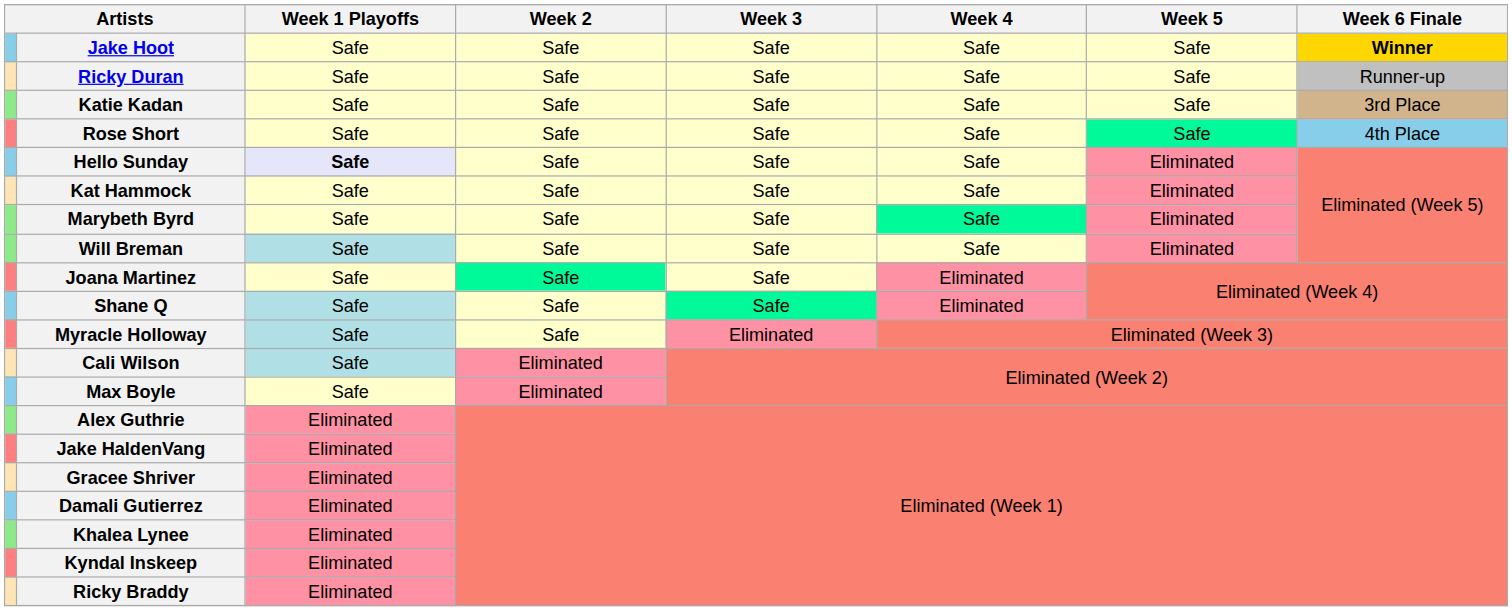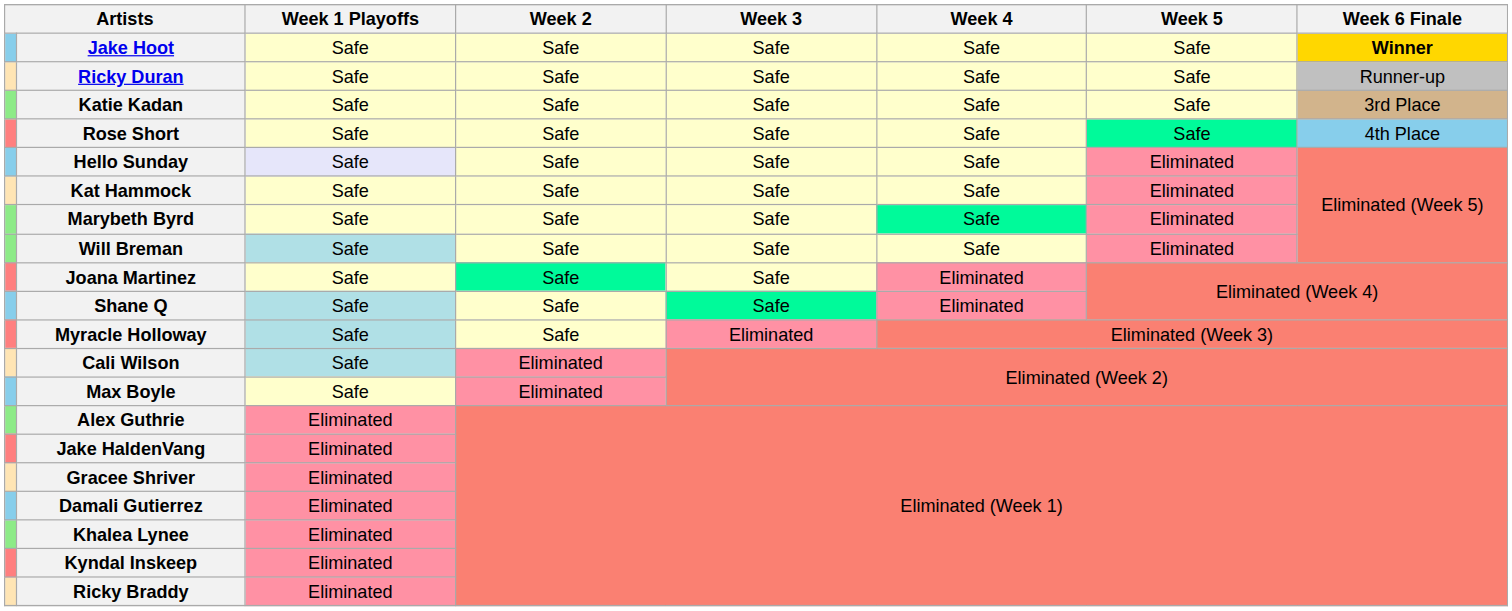 <table class="wikitable"  style="text-align:center; font-size:95%; width:100%;">
 <tr>
 </tr>
 <tr>
 <th colspan="2">Artists</th>
 <th style="width:14%;">Week 1 Playoffs</th>
 <th style="width:14%;">Week 2</th>
 <th style="width:14%;">Week 3</th>
 <th style="width:14%;">Week 4</th>
 <th style="width:14%;">Week 5</th>
 <th style="width:14%;">Week 6 Finale</th>
 </tr>
 <tr>
 <th style="background:#87ceeb;"></th>
 <th><a href='#'>Jake Hoot</a></th>
 <td style="background:#FFFFCC;">Safe</td>
 <td style="background:#FFFFCC;">Safe</td>
 <td style="background:#FFFFCC;">Safe</td>
 <td style="background:#FFFFCC;">Safe</td>
 <td style="background:#FFFFCC;">Safe</td>
 <td style="background:gold;"><strong>Winner</strong></td>
 </tr>
 <tr>
 <th style="background:#ffe5b4;"></th>
 <th><a href='#'>Ricky Duran</a></th>
 <td style="background:#FFFFCC;">Safe</td>
 <td style="background:#FFFFCC;">Safe</td>
 <td style="background:#FFFFCC;">Safe</td>
 <td style="background:#FFFFCC;">Safe</td>
 <td style="background:#FFFFCC;">Safe</td>
 <td style="background:silver;">Runner-up</td>
 </tr>
 <tr>
 <th style="background:#8deb87;"></th>
 <th>Katie Kadan</th>
 <td style="background:#FFFFCC;">Safe</td>
 <td style="background:#FFFFCC;">Safe</td>
 <td style="background:#FFFFCC;">Safe</td>
 <td style="background:#FFFFCC;">Safe</td>
 <td style="background:#FFFFCC;">Safe</td>
 <td style="background:tan;">3rd Place</td>
 </tr>
 <tr>
 <th style="background:#FF7F7F"></th>
 <th>Rose Short</th>
 <td style="background:#FFFFCC;">Safe</td>
 <td style="background:#FFFFCC;">Safe</td>
 <td style="background:#FFFFCC;">Safe</td>
 <td style="background:#FFFFCC;">Safe</td>
 <td style="background:#00FA9A;">Safe</td>
 <td style="background: skyblue;">4th Place</td>
 </tr>
 <tr>
 <th style="background:#87ceeb;"></th>
 <th>Hello Sunday</th>
-<td style="background:lavender;"><strong>Safe</strong></td>
+<td style="background:lavender;">Safe</td>
 <td style="background:#FFFFCC;">Safe</td>
 <td style="background:#FFFFCC;">Safe</td>
 <td style="background:#FFFFCC;">Safe</td>
 <td style="background:#FF91A4;">Eliminated</td>
 <td rowspan="4" colspan="1" style="background:salmon;">Eliminated (Week 5)</td>
 </tr>
 <tr>
 <th style="background:#ffe5b4;"></th>
 <th>Kat Hammock</th>
 <td style="background:#FFFFCC;">Safe</td>
 <td style="background:#FFFFCC;">Safe</td>
 <td style="background:#FFFFCC;">Safe</td>
 <td style="background:#FFFFCC;">Safe</td>
 <td style="background:#FF91A4;">Eliminated</td>
 </tr>
 <tr>
 <th style="background:#8deb87;"></th>
 <th>Marybeth Byrd</th>
 <td style="background:#FFFFCC;">Safe</td>
 <td style="background:#FFFFCC;">Safe</td>
 <td style="background:#FFFFCC;">Safe</td>
 <td style="background:#00FA9A;">Safe</td>
 <td style="background:#FF91A4;">Eliminated</td>
 </tr>
 <tr>
 <th style="background:#8deb87;"></th>
 <th>Will Breman</th>
 <td style="background:#B0E0E6;">Safe</td>
 <td style="background:#FFFFCC;">Safe</td>
 <td style="background:#FFFFCC;">Safe</td>
 <td style="background:#FFFFCC;">Safe</td>
 <td style="background:#FF91A4;">Eliminated</td>
 </tr>
 <tr>
 <th style="background:#FF7F7F"></th>
 <th>Joana Martinez</th>
 <td style="background:#FFFFCC;">Safe</td>
 <td style="background:#00FA9A;">Safe</td>
 <td style="background:#FFFFCC;">Safe</td>
 <td style="background:#FF91A4;">Eliminated</td>
 <td rowspan="2" colspan="2" style="background:salmon;">Eliminated (Week 4)</td>
 </tr>
 <tr>
 <th style="background:#87ceeb;"></th>
 <th>Shane Q</th>
 <td style="background:#B0E0E6;">Safe</td>
 <td style="background:#FFFFCC;">Safe</td>
 <td style="background:#00FA9A;">Safe</td>
 <td style="background:#FF91A4;">Eliminated</td>
 </tr>
 <tr>
 <th style="background:#FF7F7F"></th>
 <th>Myracle Holloway</th>
 <td style="background:#B0E0E6;">Safe</td>
 <td style="background:#FFFFCC;">Safe</td>
 <td style="background:#FF91A4;">Eliminated</td>
 <td colspan="3" style="background:salmon;">Eliminated (Week 3)</td>
 </tr>
 <tr>
 <th style="background:#ffe5b4;"></th>
 <th>Cali Wilson</th>
 <td style="background:#B0E0E6;">Safe</td>
 <td style="background:#FF91A4;">Eliminated</td>
 <td rowspan="2" colspan="4" style="background:salmon;">Eliminated (Week 2)</td>
 </tr>
 <tr>
 <th style="background:#87ceeb;"></th>
 <th>Max Boyle</th>
 <td style="background:#FFFFCC;">Safe</td>
 <td style="background:#FF91A4;">Eliminated</td>
 </tr>
 <tr>
 <th style="background:#8deb87;"></th>
 <th>Alex Guthrie</th>
 <td style="background:#FF91A4;">Eliminated</td>
 <td rowspan="7" colspan="5" style="background:salmon;">Eliminated (Week 1)</td>
 </tr>
 <tr>
 <th style="background:#FF7F7F"></th>
 <th>Jake HaldenVang</th>
 <td style="background:#FF91A4;">Eliminated</td>
 </tr>
 <tr>
 <th style="background:#ffe5b4;"></th>
 <th>Gracee Shriver</th>
 <td style="background:#FF91A4;">Eliminated</td>
 </tr>
 <tr>
 <th style="background:#87ceeb;"></th>
 <th>Damali Gutierrez</th>
 <td style="background:#FF91A4;">Eliminated</td>
 </tr>
 <tr>
 <th style="background:#8deb87;"></th>
 <th>Khalea Lynee</th>
 <td style="background:#FF91A4;">Eliminated</td>
 </tr>
 <tr>
 <th style="background:#FF7F7F"></th>
 <th>Kyndal Inskeep</th>
 <td style="background:#FF91A4;">Eliminated</td>
 </tr>
 <tr>
 <th style="background:#ffe5b4;"></th>
 <th>Ricky Braddy</th>
 <td style="background:#FF91A4;">Eliminated</td>
 </tr>
 <tr>
 </tr>
 </table>
